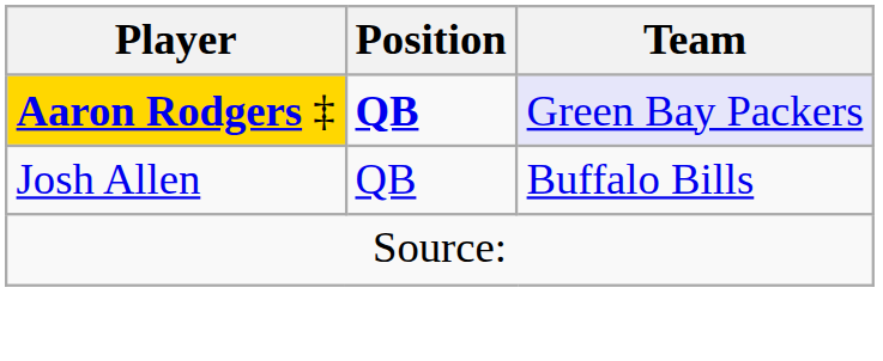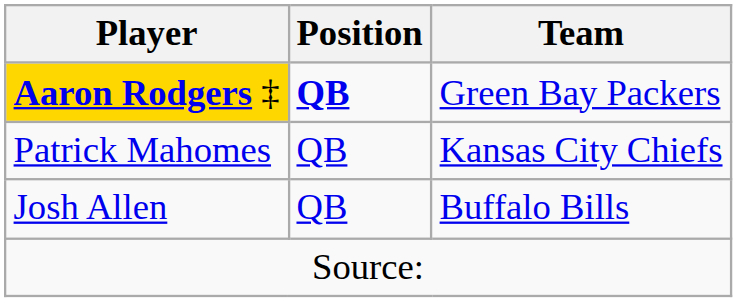 <table class="wikitable sortable">
 <tr>
 <th>Player</th>
 <th>Position</th>
 <th>Team</th>
 </tr>
 <tr>
 <td style="background-color:Gold; border:1px solid #aaaaaa"><strong><a href='#'>Aaron Rodgers</a></strong> ‡</td>
 <td><strong><a href='#'>QB</a></strong></td>
-<td style="background: lavender;"><a href='#'>Green Bay Packers</a></td>
+<td><a href='#'>Green Bay Packers</a></td>
+</tr>
+<tr>
+<td><a href='#'>Patrick Mahomes</a></td>
+<td><a href='#'>QB</a></td>
+<td><a href='#'>Kansas City Chiefs</a></td>
 </tr>
 <tr>
 <td><a href='#'>Josh Allen</a></td>
 <td><a href='#'>QB</a></td>
 <td><a href='#'>Buffalo Bills</a></td>
 </tr>
 <tr>
 <td style="text-align:center;"colspan="3">Source:</td>
 </tr>
 </table>
